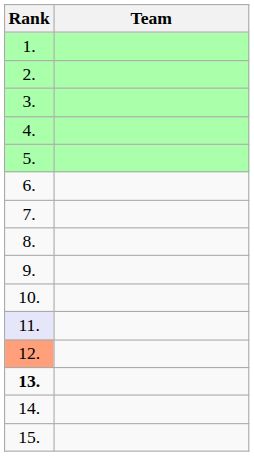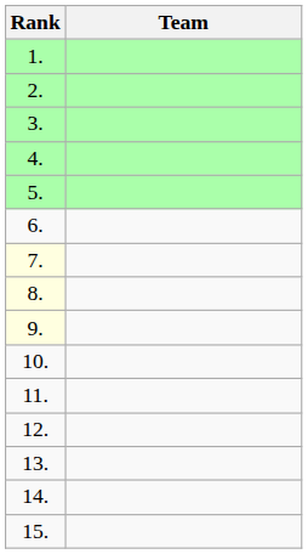 <table class="wikitable">
 <tr>
 <th>Rank</th>
 <th width=170>Team</th>
 </tr>
 <tr bgcolor=#AAFFAA>
 <td align="center">1.</td>
 <td></td>
 </tr>
 <tr bgcolor=#AAFFAA>
 <td align="center">2.</td>
 <td></td>
 </tr>
 <tr bgcolor=#AAFFAA>
 <td align="center">3.</td>
 <td></td>
 </tr>
 <tr bgcolor=#AAFFAA>
 <td align="center">4.</td>
 <td></td>
 </tr>
 <tr bgcolor=#AAFFAA>
 <td align="center">5.</td>
 <td></td>
 </tr>
 <tr>
 <td align="center">6.</td>
 <td></td>
 </tr>
 <tr>
-<td align="center">7.</td>
+<td align="center" style="background: lightyellow;">7.</td>
 <td></td>
 </tr>
 <tr>
-<td align="center">8.</td>
+<td align="center" style="background: lightyellow;">8.</td>
 <td></td>
 </tr>
 <tr>
-<td align="center">9.</td>
+<td align="center" style="background: lightyellow;">9.</td>
 <td></td>
 </tr>
 <tr>
 <td align="center">10.</td>
 <td></td>
 </tr>
 <tr>
-<td align="center" style="background: lavender;">11.</td>
+<td align="center">11.</td>
 <td></td>
 </tr>
 <tr>
-<td align="center" style="background: lightsalmon;">12.</td>
+<td align="center">12.</td>
 <td></td>
 </tr>
 <tr>
-<td align="center"><strong>13.</strong></td>
+<td align="center">13.</td>
 <td></td>
 </tr>
 <tr>
 <td align="center">14.</td>
 <td></td>
 </tr>
 <tr>
 <td align="center">15.</td>
 <td></td>
 </tr>
 </table>
